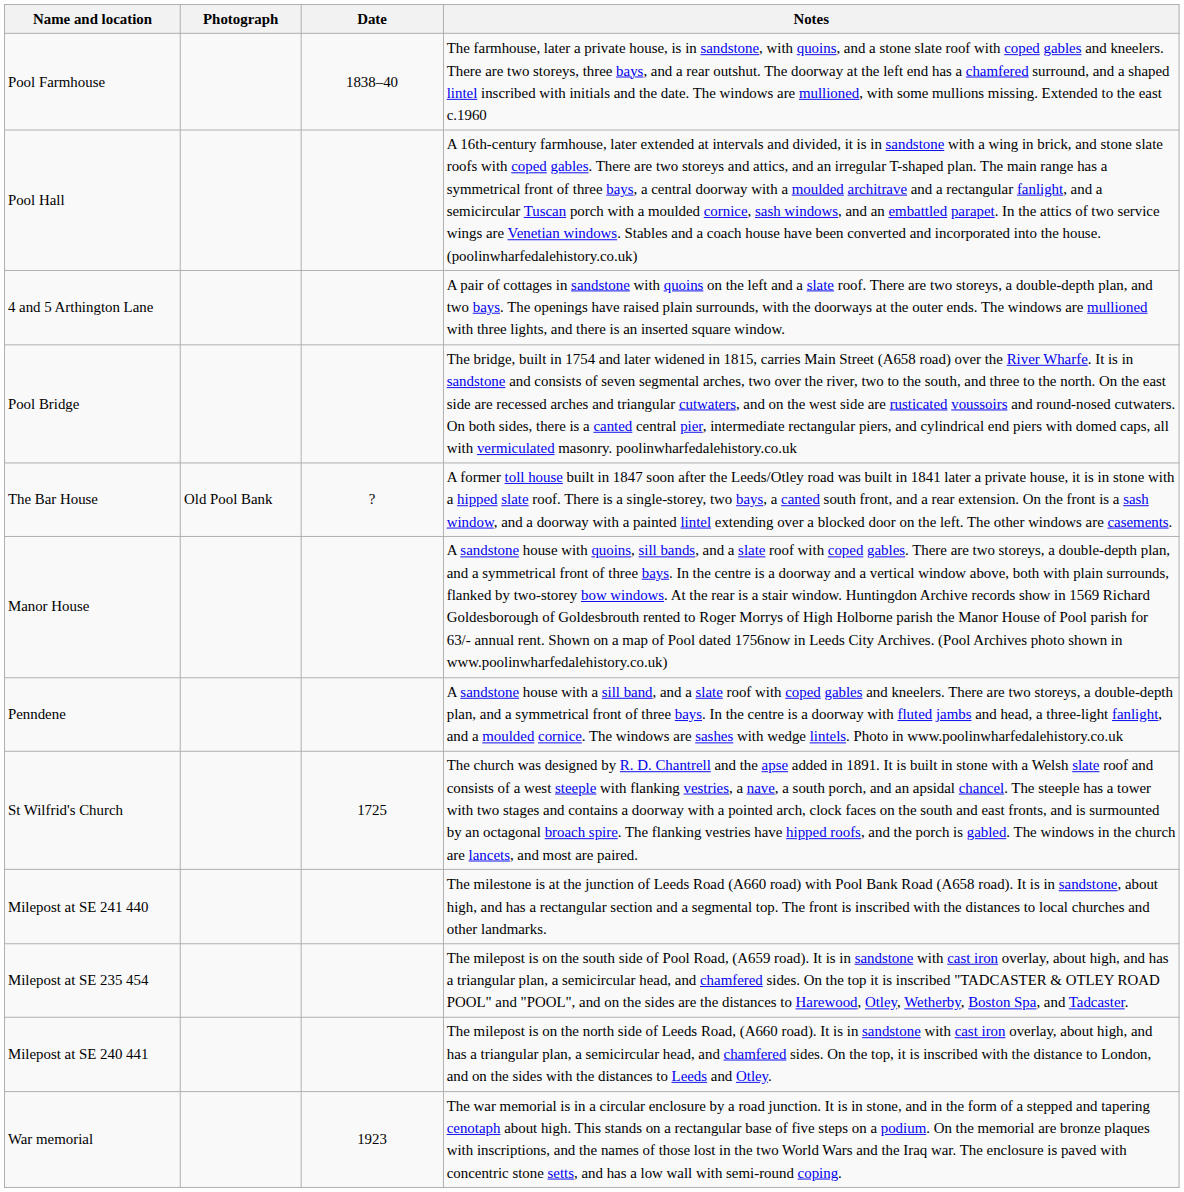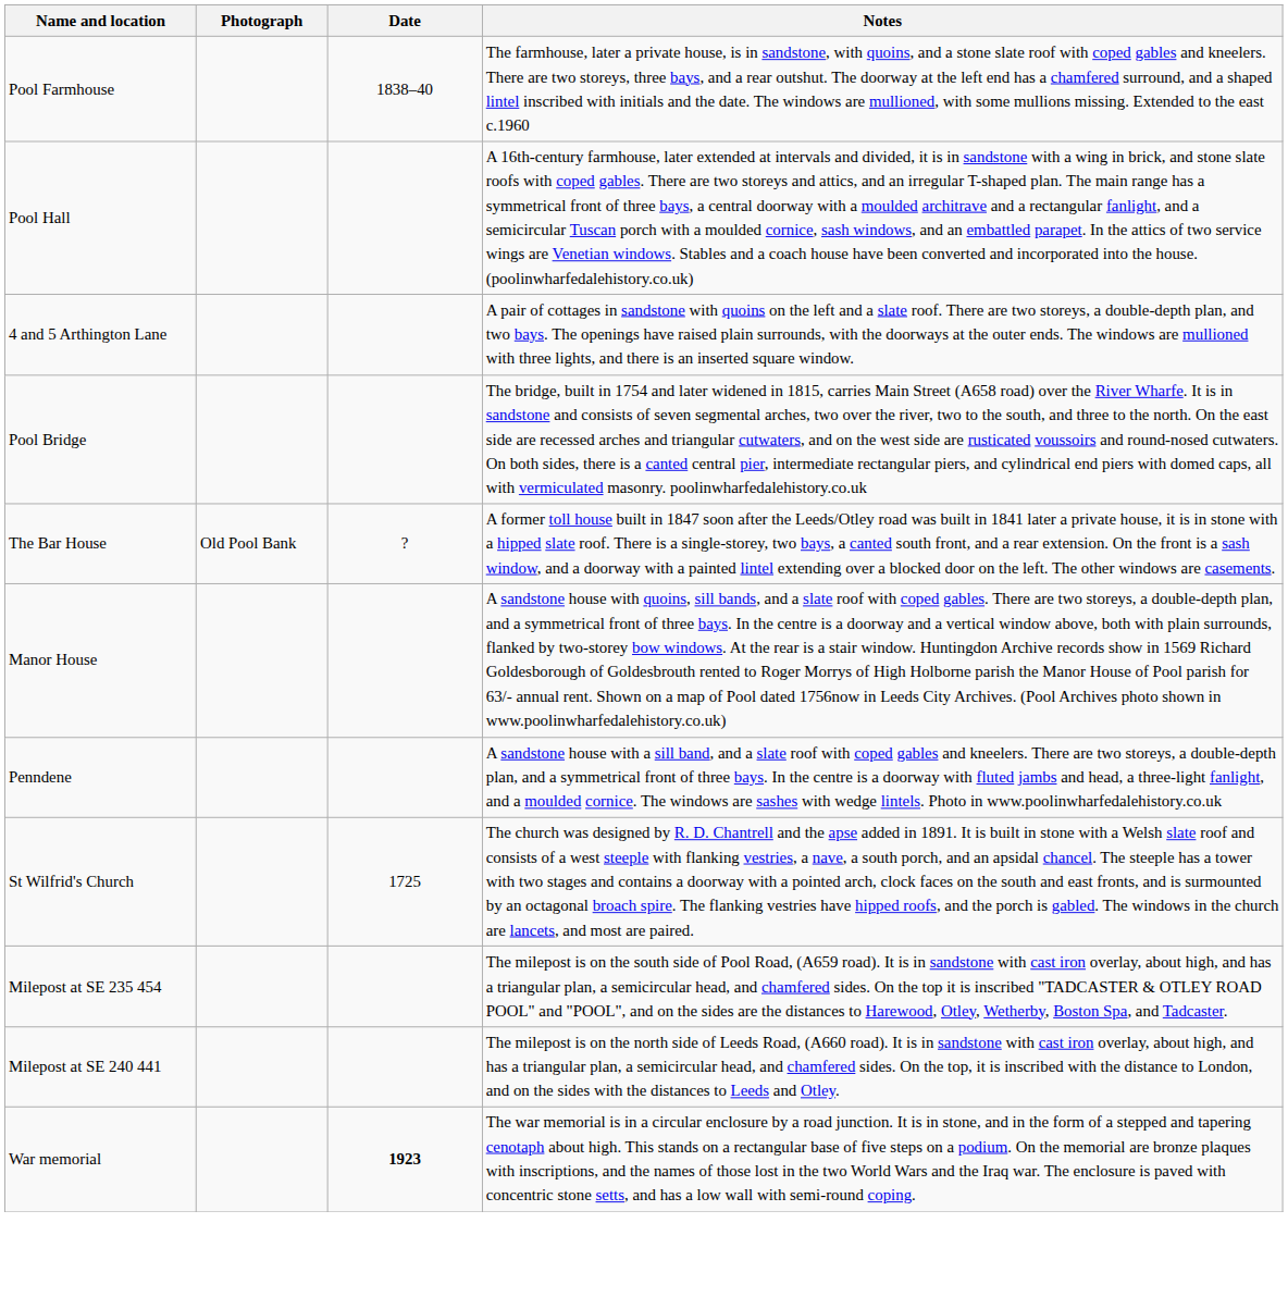 <table class="wikitable sortable plainrowheaders" style="width:100%;border:0px;text-align:left;line-height:150%;">
 <tr>
 <th scope="col" style="width:150px">Name and location</th>
 <th scope="col" style="width:100px" class="unsortable">Photograph</th>
 <th scope="col" style="width:120px">Date</th>
 <th scope="col" style="width:650px" class="unsortable">Notes</th>
 </tr>
 <tr>
 <td>Pool Farmhouse<br><small></small></td>
 <td></td>
 <td align="center">1838–40</td>
 <td>The farmhouse, later a private house, is in <a href='#'>sandstone</a>, with <a href='#'>quoins</a>, and a stone slate roof with <a href='#'>coped</a> <a href='#'>gables</a> and kneelers. There are two storeys, three <a href='#'>bays</a>, and a rear outshut. The doorway at the left end has a <a href='#'>chamfered</a> surround, and a shaped <a href='#'>lintel</a> inscribed with initials and the date. The windows are <a href='#'>mullioned</a>, with some mullions missing. Extended to the east c.1960</td>
 </tr>
 <tr>
 <td>Pool Hall<br><small></small></td>
 <td></td>
 <td align="center"></td>
 <td>A 16th-century farmhouse, later extended at intervals and divided, it is in <a href='#'>sandstone</a> with a wing in brick, and stone slate roofs with <a href='#'>coped</a> <a href='#'>gables</a>.  There are two storeys and attics, and an irregular T-shaped plan.  The main range has a symmetrical front of three <a href='#'>bays</a>, a central doorway with a <a href='#'>moulded</a> <a href='#'>architrave</a> and a rectangular <a href='#'>fanlight</a>, and a semicircular <a href='#'>Tuscan</a> porch with a moulded <a href='#'>cornice</a>, <a href='#'>sash windows</a>, and an <a href='#'>embattled</a> <a href='#'>parapet</a>.  In the attics of two service wings are <a href='#'>Venetian windows</a>.  Stables and a coach house have been converted and incorporated into the house. (poolinwharfedalehistory.co.uk)</td>
 </tr>
 <tr>
 <td>4 and 5 Arthington Lane<br><small></small></td>
 <td></td>
 <td align="center"></td>
 <td>A pair of cottages in <a href='#'>sandstone</a> with <a href='#'>quoins</a> on the left and a <a href='#'>slate</a> roof.  There are two storeys, a double-depth plan, and two <a href='#'>bays</a>.  The openings have raised plain surrounds, with the doorways at the outer ends.  The windows are <a href='#'>mullioned</a> with three lights, and there is an inserted square window.</td>
 </tr>
 <tr>
 <td>Pool Bridge<br><small></small></td>
 <td></td>
 <td align="center"></td>
 <td>The bridge, built in 1754 and later widened in 1815, carries Main Street (A658 road) over the <a href='#'>River Wharfe</a>.  It is in <a href='#'>sandstone</a> and consists of seven segmental arches, two over the river, two to the south, and three to the north. On the east side are recessed arches and triangular <a href='#'>cutwaters</a>, and on the west side are <a href='#'>rusticated</a> <a href='#'>voussoirs</a> and round-nosed cutwaters. On both sides, there is a <a href='#'>canted</a> central <a href='#'>pier</a>, intermediate rectangular piers, and cylindrical end piers with domed caps, all with <a href='#'>vermiculated</a> masonry. poolinwharfedalehistory.co.uk</td>
 </tr>
 <tr>
 <td>The Bar House<br><small></small></td>
 <td> Old Pool Bank</td>
 <td align="center">?</td>
 <td>A former <a href='#'>toll house</a> built in 1847 soon after the Leeds/Otley road was built in 1841 later a private house, it is in stone with a <a href='#'>hipped</a> <a href='#'>slate</a> roof.  There is a single-storey, two <a href='#'>bays</a>, a <a href='#'>canted</a> south front, and a rear extension.  On the front is a <a href='#'>sash window</a>, and a doorway with a painted <a href='#'>lintel</a> extending over a blocked door on the left.  The other windows are <a href='#'>casements</a>.</td>
 </tr>
 <tr>
 <td>Manor House <br><small></small></td>
 <td></td>
 <td align="center"></td>
 <td>A <a href='#'>sandstone</a> house with <a href='#'>quoins</a>, <a href='#'>sill bands</a>, and a <a href='#'>slate</a> roof with <a href='#'>coped</a> <a href='#'>gables</a>.  There are two storeys, a double-depth plan, and a symmetrical front of three <a href='#'>bays</a>.  In the centre is a doorway and a vertical window above, both with plain surrounds, flanked by two-storey <a href='#'>bow windows</a>.  At the rear is a stair window. Huntingdon Archive records show in 1569 Richard Goldesborough of Goldesbrouth rented to Roger Morrys of High Holborne parish the Manor House of Pool parish for 63/- annual rent. Shown on a map of Pool dated 1756now in Leeds City Archives. (Pool Archives photo shown in www.poolinwharfedalehistory.co.uk)</td>
 </tr>
 <tr>
 <td>Penndene<br><small></small></td>
 <td></td>
 <td align="center"></td>
 <td>A <a href='#'>sandstone</a> house with a <a href='#'>sill band</a>, and a <a href='#'>slate</a> roof with <a href='#'>coped</a> <a href='#'>gables</a> and kneelers.  There are two storeys, a double-depth plan, and a symmetrical front of three <a href='#'>bays</a>.  In the centre is a doorway with <a href='#'>fluted</a> <a href='#'>jambs</a> and head, a three-light <a href='#'>fanlight</a>, and a <a href='#'>moulded</a> <a href='#'>cornice</a>.  The windows are <a href='#'>sashes</a> with wedge <a href='#'>lintels</a>. Photo in www.poolinwharfedalehistory.co.uk</td>
 </tr>
 <tr>
 <td>St Wilfrid's Church<br><small></small></td>
 <td></td>
 <td align="center">1725</td>
 <td>The church was designed by <a href='#'>R. D. Chantrell</a> and the <a href='#'>apse</a>  added in 1891.  It is built in stone with a Welsh <a href='#'>slate</a> roof and consists of a west <a href='#'>steeple</a> with flanking <a href='#'>vestries</a>, a <a href='#'>nave</a>, a south porch, and an apsidal <a href='#'>chancel</a>.  The steeple has a tower with two stages and contains a doorway with a pointed arch, clock faces on the south and east fronts, and is surmounted by an octagonal <a href='#'>broach spire</a>.  The flanking vestries have <a href='#'>hipped roofs</a>, and the porch is <a href='#'>gabled</a>.  The windows in the church are <a href='#'>lancets</a>, and most are paired.</td>
 </tr>
-<tr The church was re-built in 1839 on the site of a Chapel of Ease built in 16th century (www.poolinwharfedalehistory.co.uk)>
-<td>Milepost at SE 241 440<br><small></small></td>
-<td></td>
-<td align="center"></td>
-<td>The milestone is at the junction of Leeds Road (A660 road) with Pool Bank Road (A658 road).  It is in <a href='#'>sandstone</a>, about  high, and has a rectangular section and a segmental top.  The front is inscribed with the distances to local churches and other landmarks.</td>
-</tr>
 <tr>
 <td>Milepost at SE 235 454<br><small></small></td>
 <td></td>
 <td align="center"></td>
 <td>The milepost is on the south side of Pool Road, (A659 road).  It is in <a href='#'>sandstone</a> with <a href='#'>cast iron</a> overlay, about  high, and has a triangular plan, a semicircular head, and <a href='#'>chamfered</a> sides.  On the top it is inscribed "TADCASTER & OTLEY ROAD POOL" and "POOL", and on the sides are the distances to <a href='#'>Harewood</a>, <a href='#'>Otley</a>, <a href='#'>Wetherby</a>, <a href='#'>Boston Spa</a>, and <a href='#'>Tadcaster</a>.</td>
 </tr>
 <tr>
 <td>Milepost at SE 240 441<br><small></small></td>
 <td></td>
 <td align="center"></td>
 <td>The milepost is on the north side of Leeds Road, (A660 road).  It is in <a href='#'>sandstone</a> with <a href='#'>cast iron</a> overlay, about  high, and has a triangular plan, a semicircular head, and <a href='#'>chamfered</a> sides.  On the top, it is inscribed with the distance to London, and on the sides with the distances to <a href='#'>Leeds</a> and <a href='#'>Otley</a>.</td>
 </tr>
 <tr>
 <td>War memorial<br><small></small></td>
 <td></td>
-<td align="center">1923</td>
+<td align="center"><strong>1923</strong></td>
 <td>The war memorial is in a circular enclosure by a road junction.  It is in stone, and in the form of a stepped and tapering <a href='#'>cenotaph</a> about  high.  This stands on a rectangular base of five steps on a <a href='#'>podium</a>.  On the memorial are bronze plaques with inscriptions, and the names of those lost in the two World Wars and the Iraq war.  The enclosure is paved with concentric stone <a href='#'>setts</a>, and has a low wall with semi-round <a href='#'>coping</a>.</td>
 </tr>
 <tr>
 </tr>
 </table>
